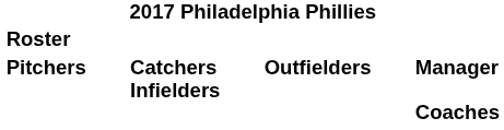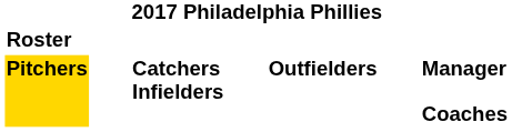 <table class="toccolours" style="font-size: 95%;">
 <tr>
 <th colspan="10" style=>2017 Philadelphia Phillies</th>
 </tr>
 <tr>
 <td colspan="7"><strong>Roster</strong></td>
 </tr>
 <tr>
-<td valign="top"><strong>Pitchers</strong><br>                             </td>
+<td valign="top" style="background: gold;"><strong>Pitchers</strong><br>                             </td>
 <td style="width:25px;"></td>
 <td valign="top"><strong>Catchers</strong><br>   <strong>Infielders</strong>        </td>
 <td style="width:25px;"></td>
 <td valign="top"><strong>Outfielders</strong><br>         </td>
 <td style="width:25px;"></td>
 <td valign="top"><strong>Manager</strong><br><br><strong>Coaches</strong>                  </td>
 </tr>
 </table>
